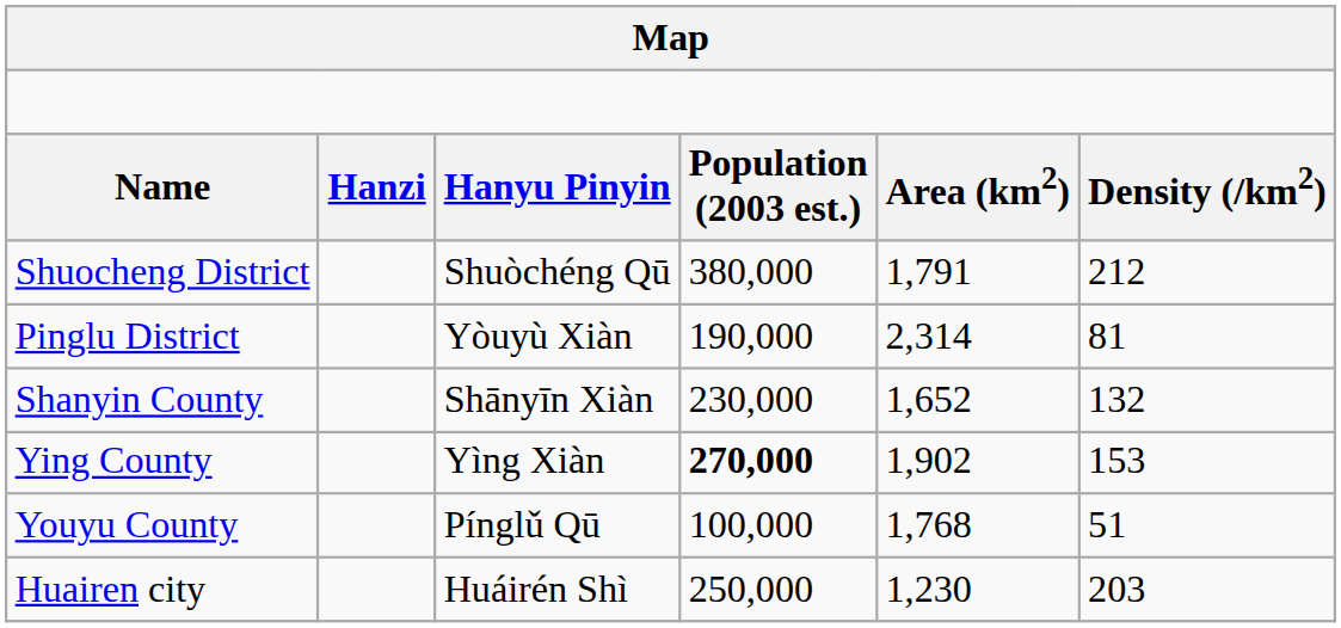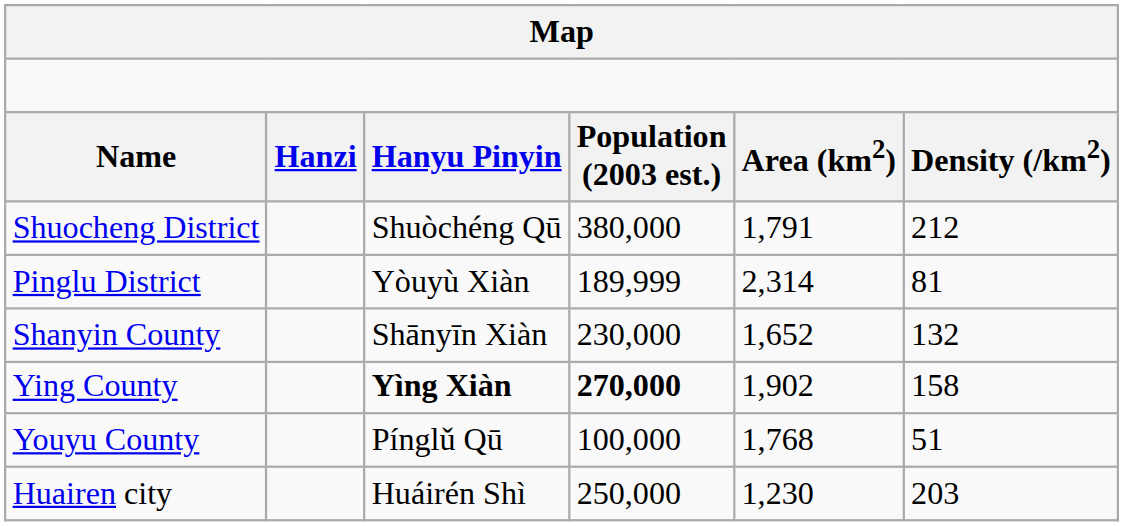 <table class="wikitable" style="font-size:90%;" align=center>
 <tr>
 <th colspan="6">Map</th>
 </tr>
 <tr>
 <td colspan="6"><div><br>         </div></td>
 </tr>
 <tr>
 <th>Name</th>
 <th><a href='#'>Hanzi</a></th>
 <th><a href='#'>Hanyu Pinyin</a></th>
 <th>Population<br>(2003 est.)</th>
 <th>Area (km<sup>2</sup>)</th>
 <th>Density (/km<sup>2</sup>)</th>
 </tr>
 <tr --------->
 <td><a href='#'>Shuocheng District</a></td>
 <td></td>
 <td>Shuòchéng Qū</td>
 <td>380,000</td>
 <td>1,791</td>
 <td>212</td>
 </tr>
 <tr --------->
 <td><a href='#'>Pinglu District</a></td>
 <td></td>
 <td>Yòuyù Xiàn</td>
-<td>190,000</td>
+<td>189,999</td>
 <td>2,314</td>
 <td>81</td>
 </tr>
 <tr --------->
 <td><a href='#'>Shanyin County</a></td>
 <td></td>
 <td>Shānyīn Xiàn</td>
 <td>230,000</td>
 <td>1,652</td>
 <td>132</td>
 </tr>
 <tr --------->
 <td><a href='#'>Ying County</a></td>
 <td></td>
-<td>Yìng Xiàn</td>
+<td><strong>Yìng Xiàn</strong></td>
 <td><strong>270,000</strong></td>
 <td>1,902</td>
-<td>153</td>
+<td>158</td>
 </tr>
 <tr --------->
 <td><a href='#'>Youyu County</a></td>
 <td></td>
 <td>Pínglǔ Qū</td>
 <td>100,000</td>
 <td>1,768</td>
 <td>51</td>
 </tr>
 <tr --------->
 <td><a href='#'>Huairen</a> city</td>
 <td></td>
 <td>Huáirén Shì</td>
 <td>250,000</td>
 <td>1,230</td>
 <td>203</td>
 </tr>
 </table>
